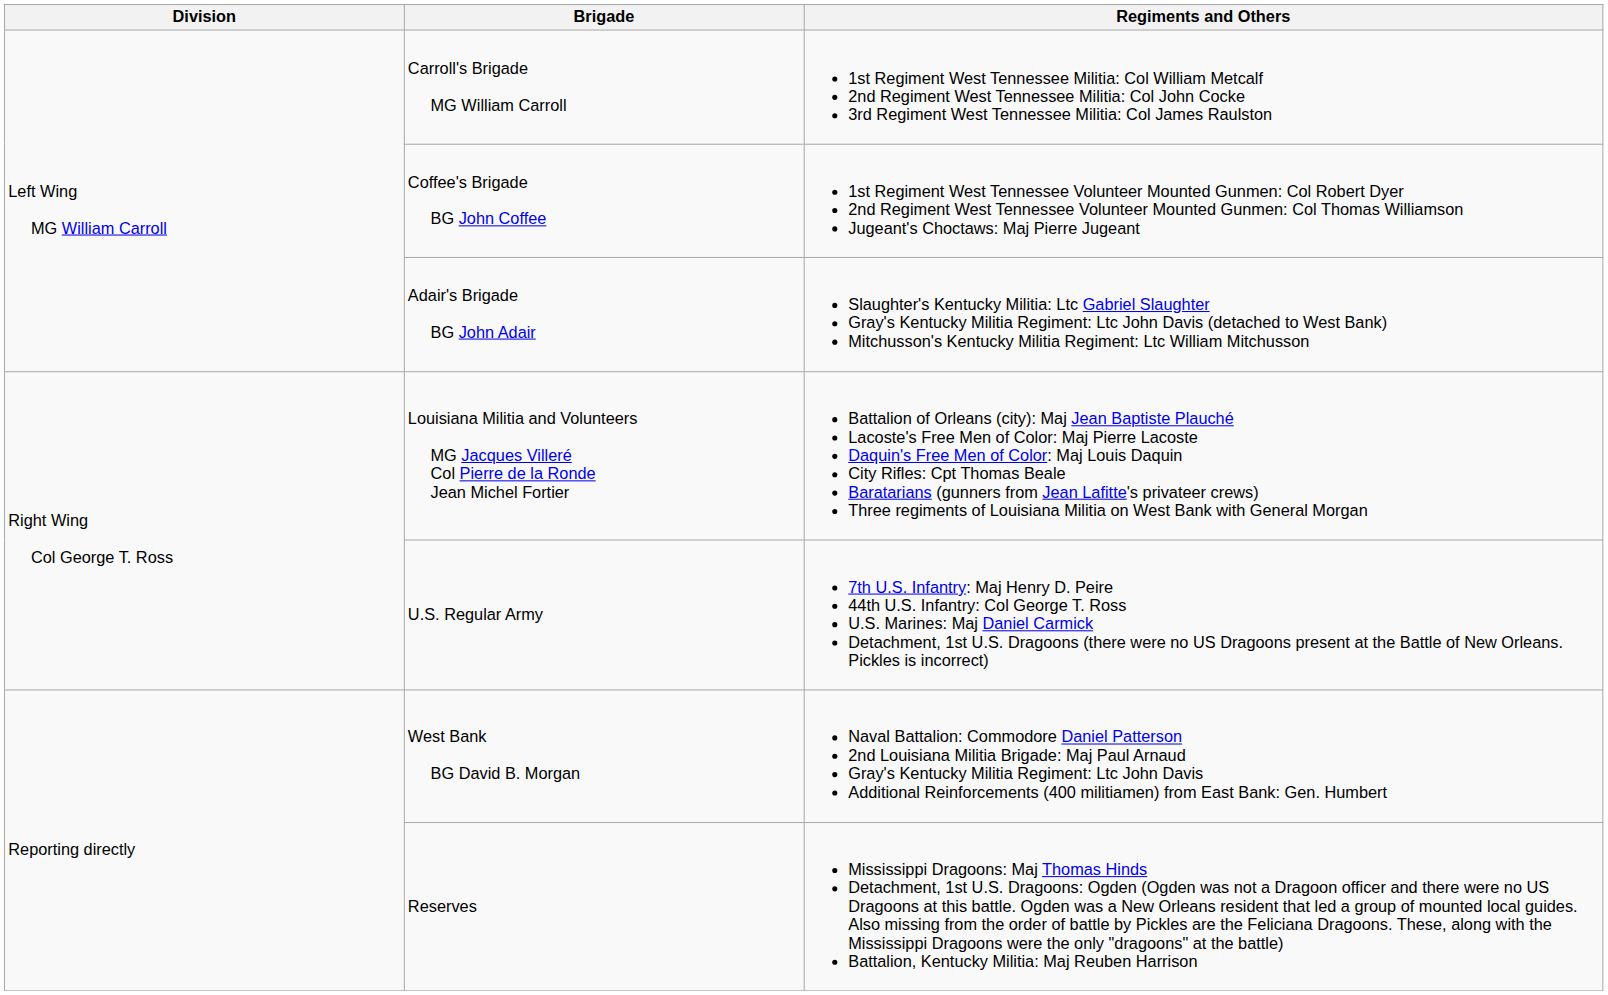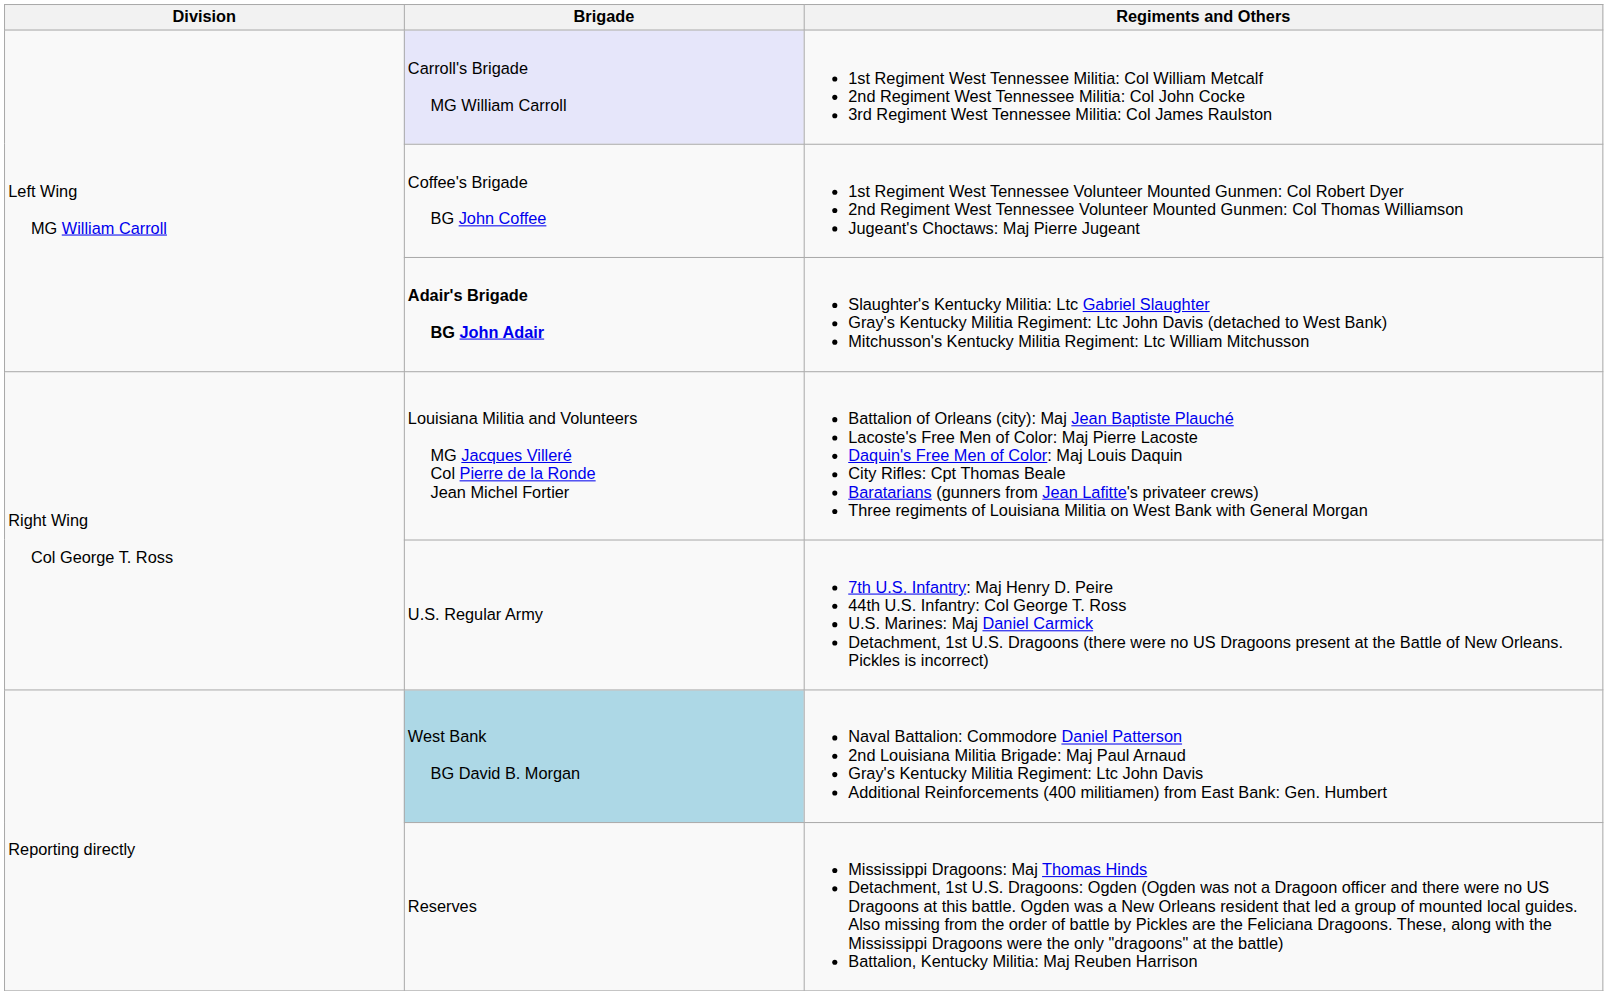 <table class="wikitable">
 <tr>
 <th width=25%>Division</th>
 <th width=25%>Brigade</th>
 <th>Regiments and Others</th>
 </tr>
 <tr>
 <td rowspan=3><br>Left Wing<br><br>     MG <a href='#'>William Carroll</a></td>
-<td>Carroll's Brigade<br><br>     MG William Carroll</td>
+<td style="background: lavender;">Carroll's Brigade<br><br>     MG William Carroll</td>
 <td><br><ul><li>1st Regiment West Tennessee Militia: Col William Metcalf</li><li>2nd Regiment West Tennessee Militia: Col John Cocke</li><li>3rd Regiment West Tennessee Militia: Col James Raulston</li></ul></td>
 </tr>
 <tr>
 <td>Coffee's Brigade<br><br>     BG <a href='#'>John Coffee</a></td>
 <td><br><ul><li>1st Regiment West Tennessee Volunteer Mounted Gunmen: Col Robert Dyer</li><li>2nd Regiment West Tennessee Volunteer Mounted Gunmen: Col Thomas Williamson</li><li>Jugeant's Choctaws: Maj Pierre Jugeant</li></ul></td>
 </tr>
 <tr>
-<td>Adair's Brigade<br><br>     BG <a href='#'>John Adair</a></td>
+<td><strong>Adair's Brigade<br><br>     BG <a href='#'>John Adair</a></strong></td>
 <td><br><ul><li>Slaughter's Kentucky Militia: Ltc <a href='#'>Gabriel Slaughter</a></li><li>Gray's Kentucky Militia Regiment: Ltc John Davis (detached to West Bank)</li><li>Mitchusson's Kentucky Militia Regiment: Ltc William Mitchusson</li></ul></td>
 </tr>
 <tr>
 <td rowspan=2><br>Right Wing<br><br>     Col George T. Ross</td>
 <td>Louisiana Militia and Volunteers<br><br>     MG <a href='#'>Jacques Villeré</a> <br>     Col <a href='#'>Pierre de la Ronde</a> <br>     Jean Michel Fortier</td>
 <td><br><ul><li>Battalion of Orleans (city): Maj <a href='#'>Jean Baptiste Plauché</a></li><li>Lacoste's Free Men of Color: Maj Pierre Lacoste</li><li><a href='#'>Daquin's Free Men of Color</a>: Maj Louis Daquin</li><li>City Rifles: Cpt Thomas Beale</li><li><a href='#'>Baratarians</a> (gunners from <a href='#'>Jean Lafitte</a>'s privateer crews)</li><li>Three regiments of Louisiana Militia on West Bank with General Morgan</li></ul></td>
 </tr>
 <tr>
 <td>U.S. Regular Army</td>
 <td><br><ul><li><a href='#'>7th U.S. Infantry</a>: Maj Henry D. Peire</li><li>44th U.S. Infantry: Col George T. Ross</li><li>U.S. Marines: Maj <a href='#'>Daniel Carmick</a></li><li>Detachment, 1st U.S. Dragoons (there were no US Dragoons present at the Battle of New Orleans.  Pickles is incorrect)</li></ul></td>
 </tr>
 <tr>
 <td rowspan=2><br>Reporting directly</td>
-<td>West Bank<br><br>     BG David B. Morgan</td>
+<td style="background: lightblue;">West Bank<br><br>     BG David B. Morgan</td>
 <td><br><ul><li>Naval Battalion: Commodore <a href='#'>Daniel Patterson</a></li><li>2nd Louisiana Militia Brigade: Maj Paul Arnaud</li><li>Gray's Kentucky Militia Regiment: Ltc John Davis</li><li>Additional Reinforcements (400 militiamen) from East Bank: Gen. Humbert</li></ul></td>
 </tr>
 <tr>
 <td>Reserves</td>
 <td><br><ul><li>Mississippi Dragoons: Maj <a href='#'>Thomas Hinds</a></li><li>Detachment, 1st U.S. Dragoons: Ogden (Ogden was not a Dragoon officer and there were no US Dragoons at this battle.  Ogden was a New Orleans resident that led a group of mounted local guides.  Also missing from the order of battle by Pickles are the Feliciana Dragoons.  These, along with the Mississippi Dragoons were the only "dragoons" at the battle)</li><li>Battalion, Kentucky Militia: Maj Reuben Harrison</li></ul></td>
 </tr>
 </table>
